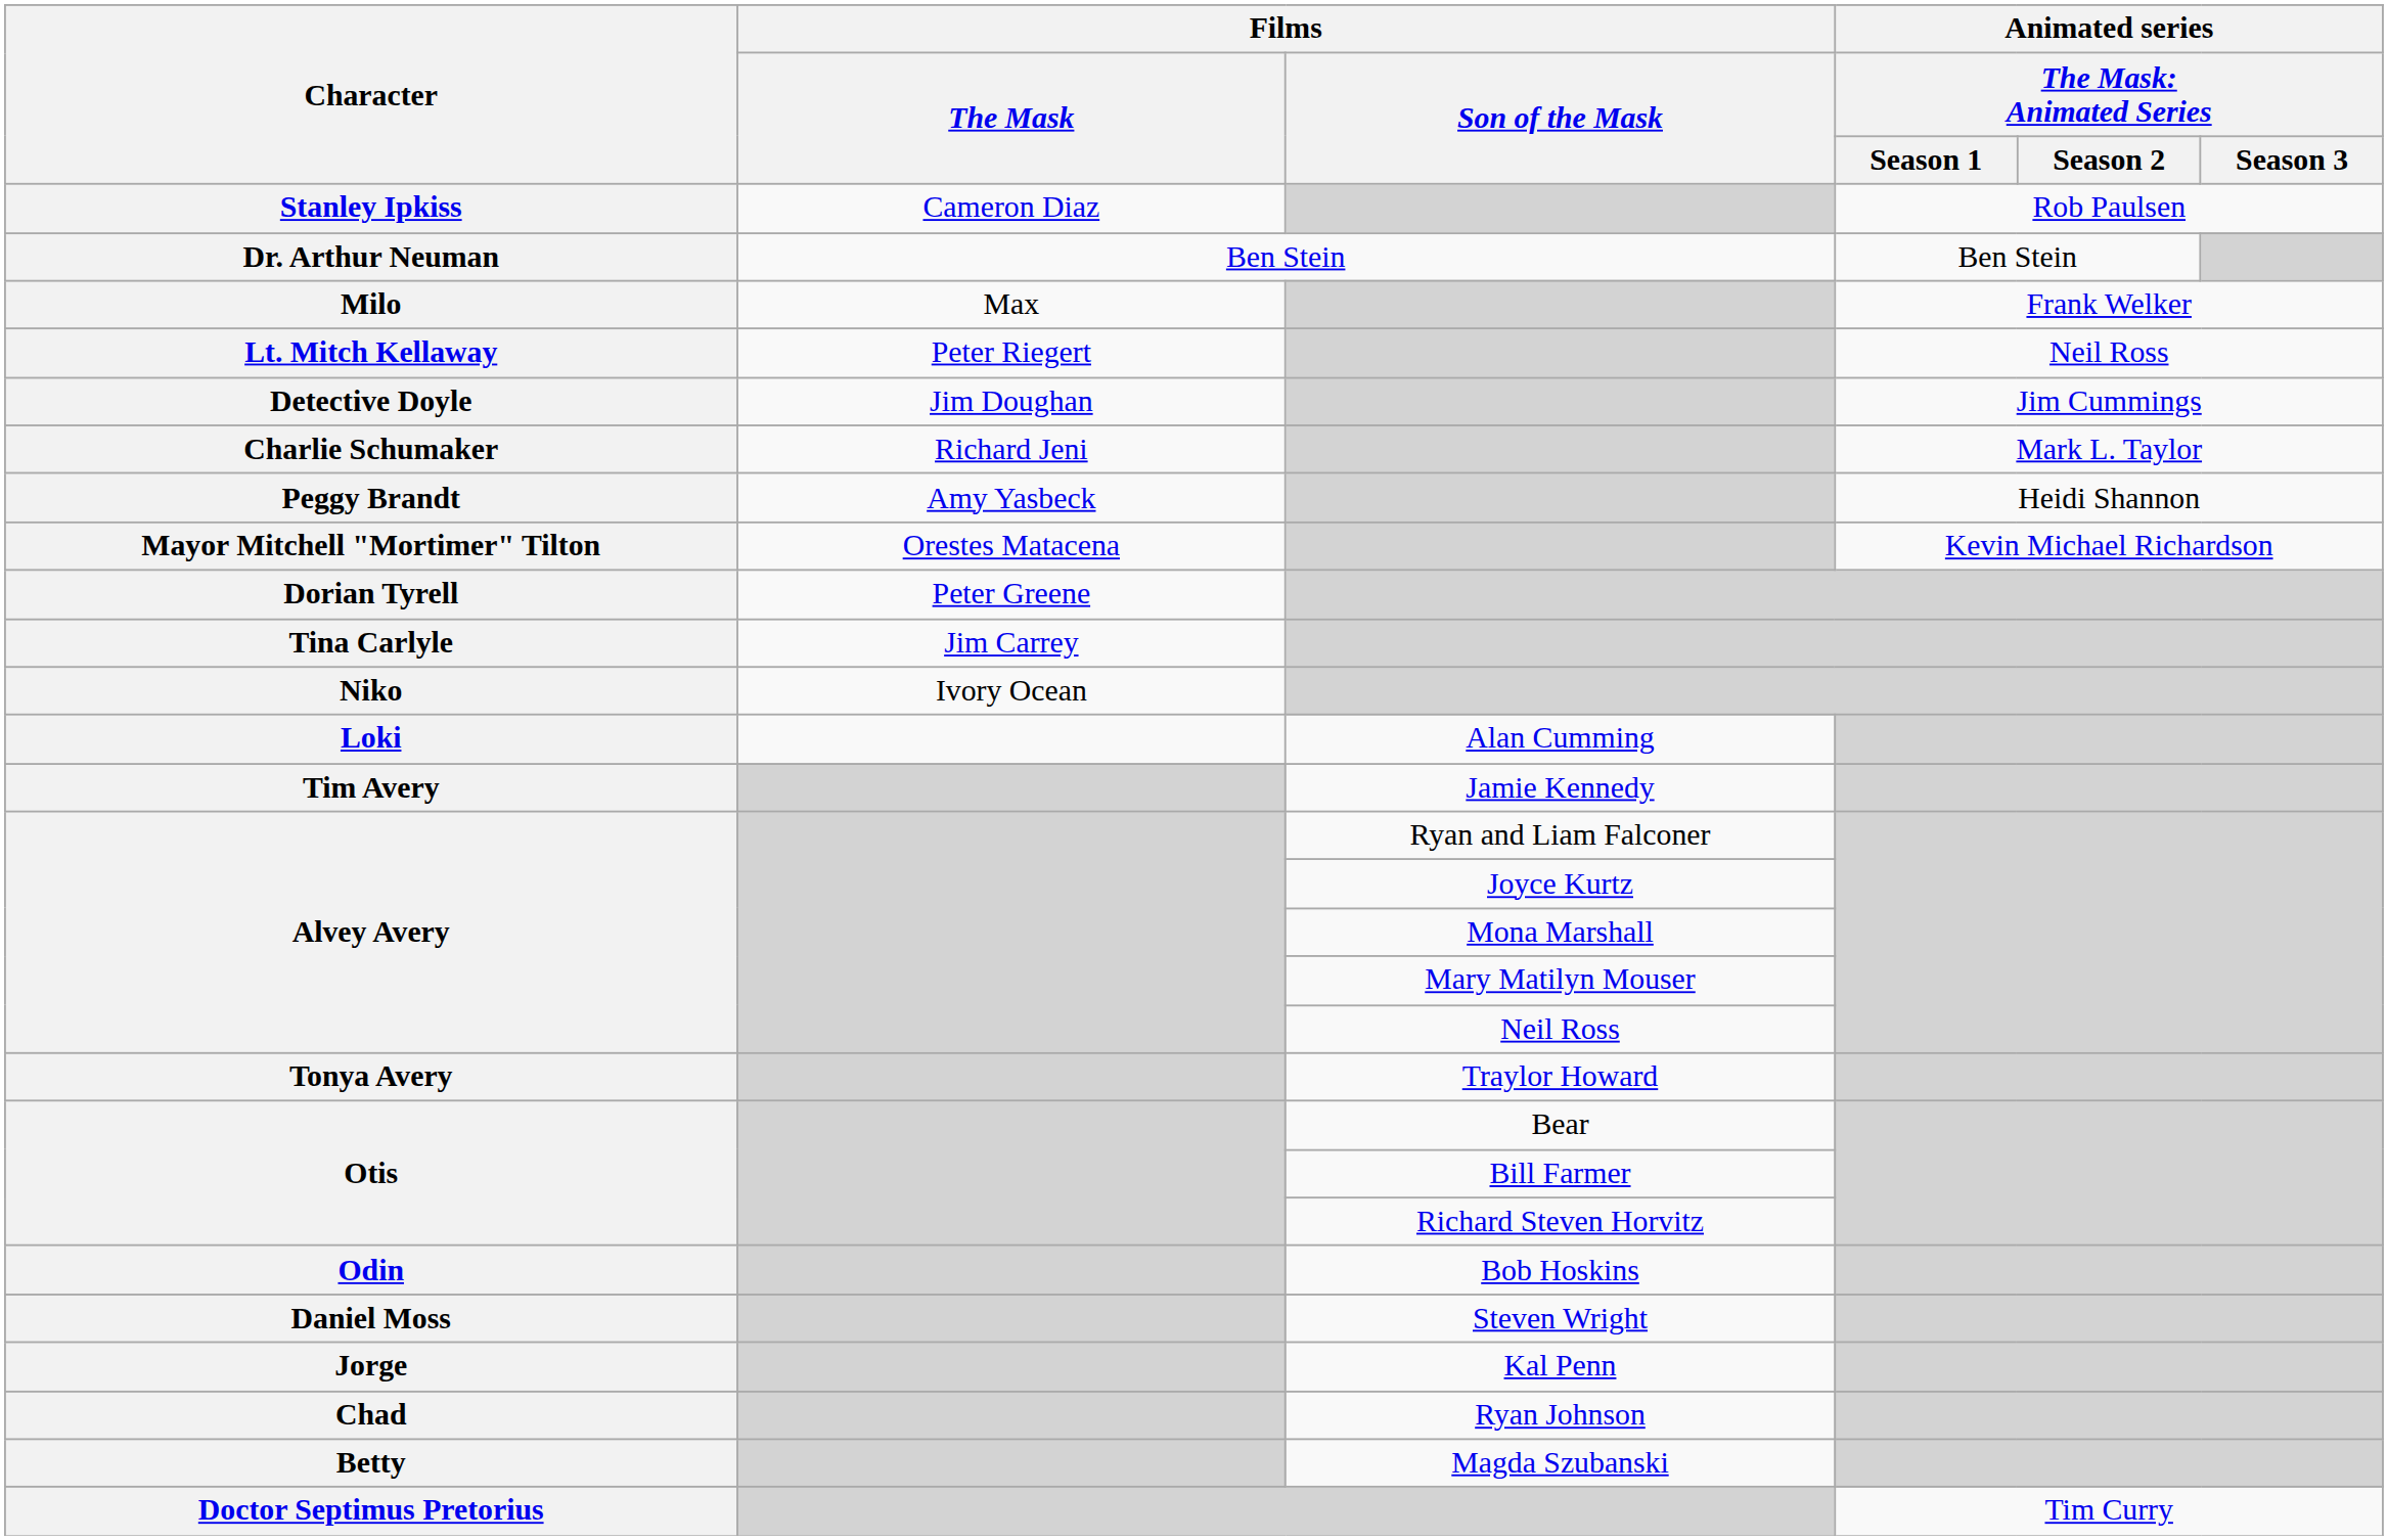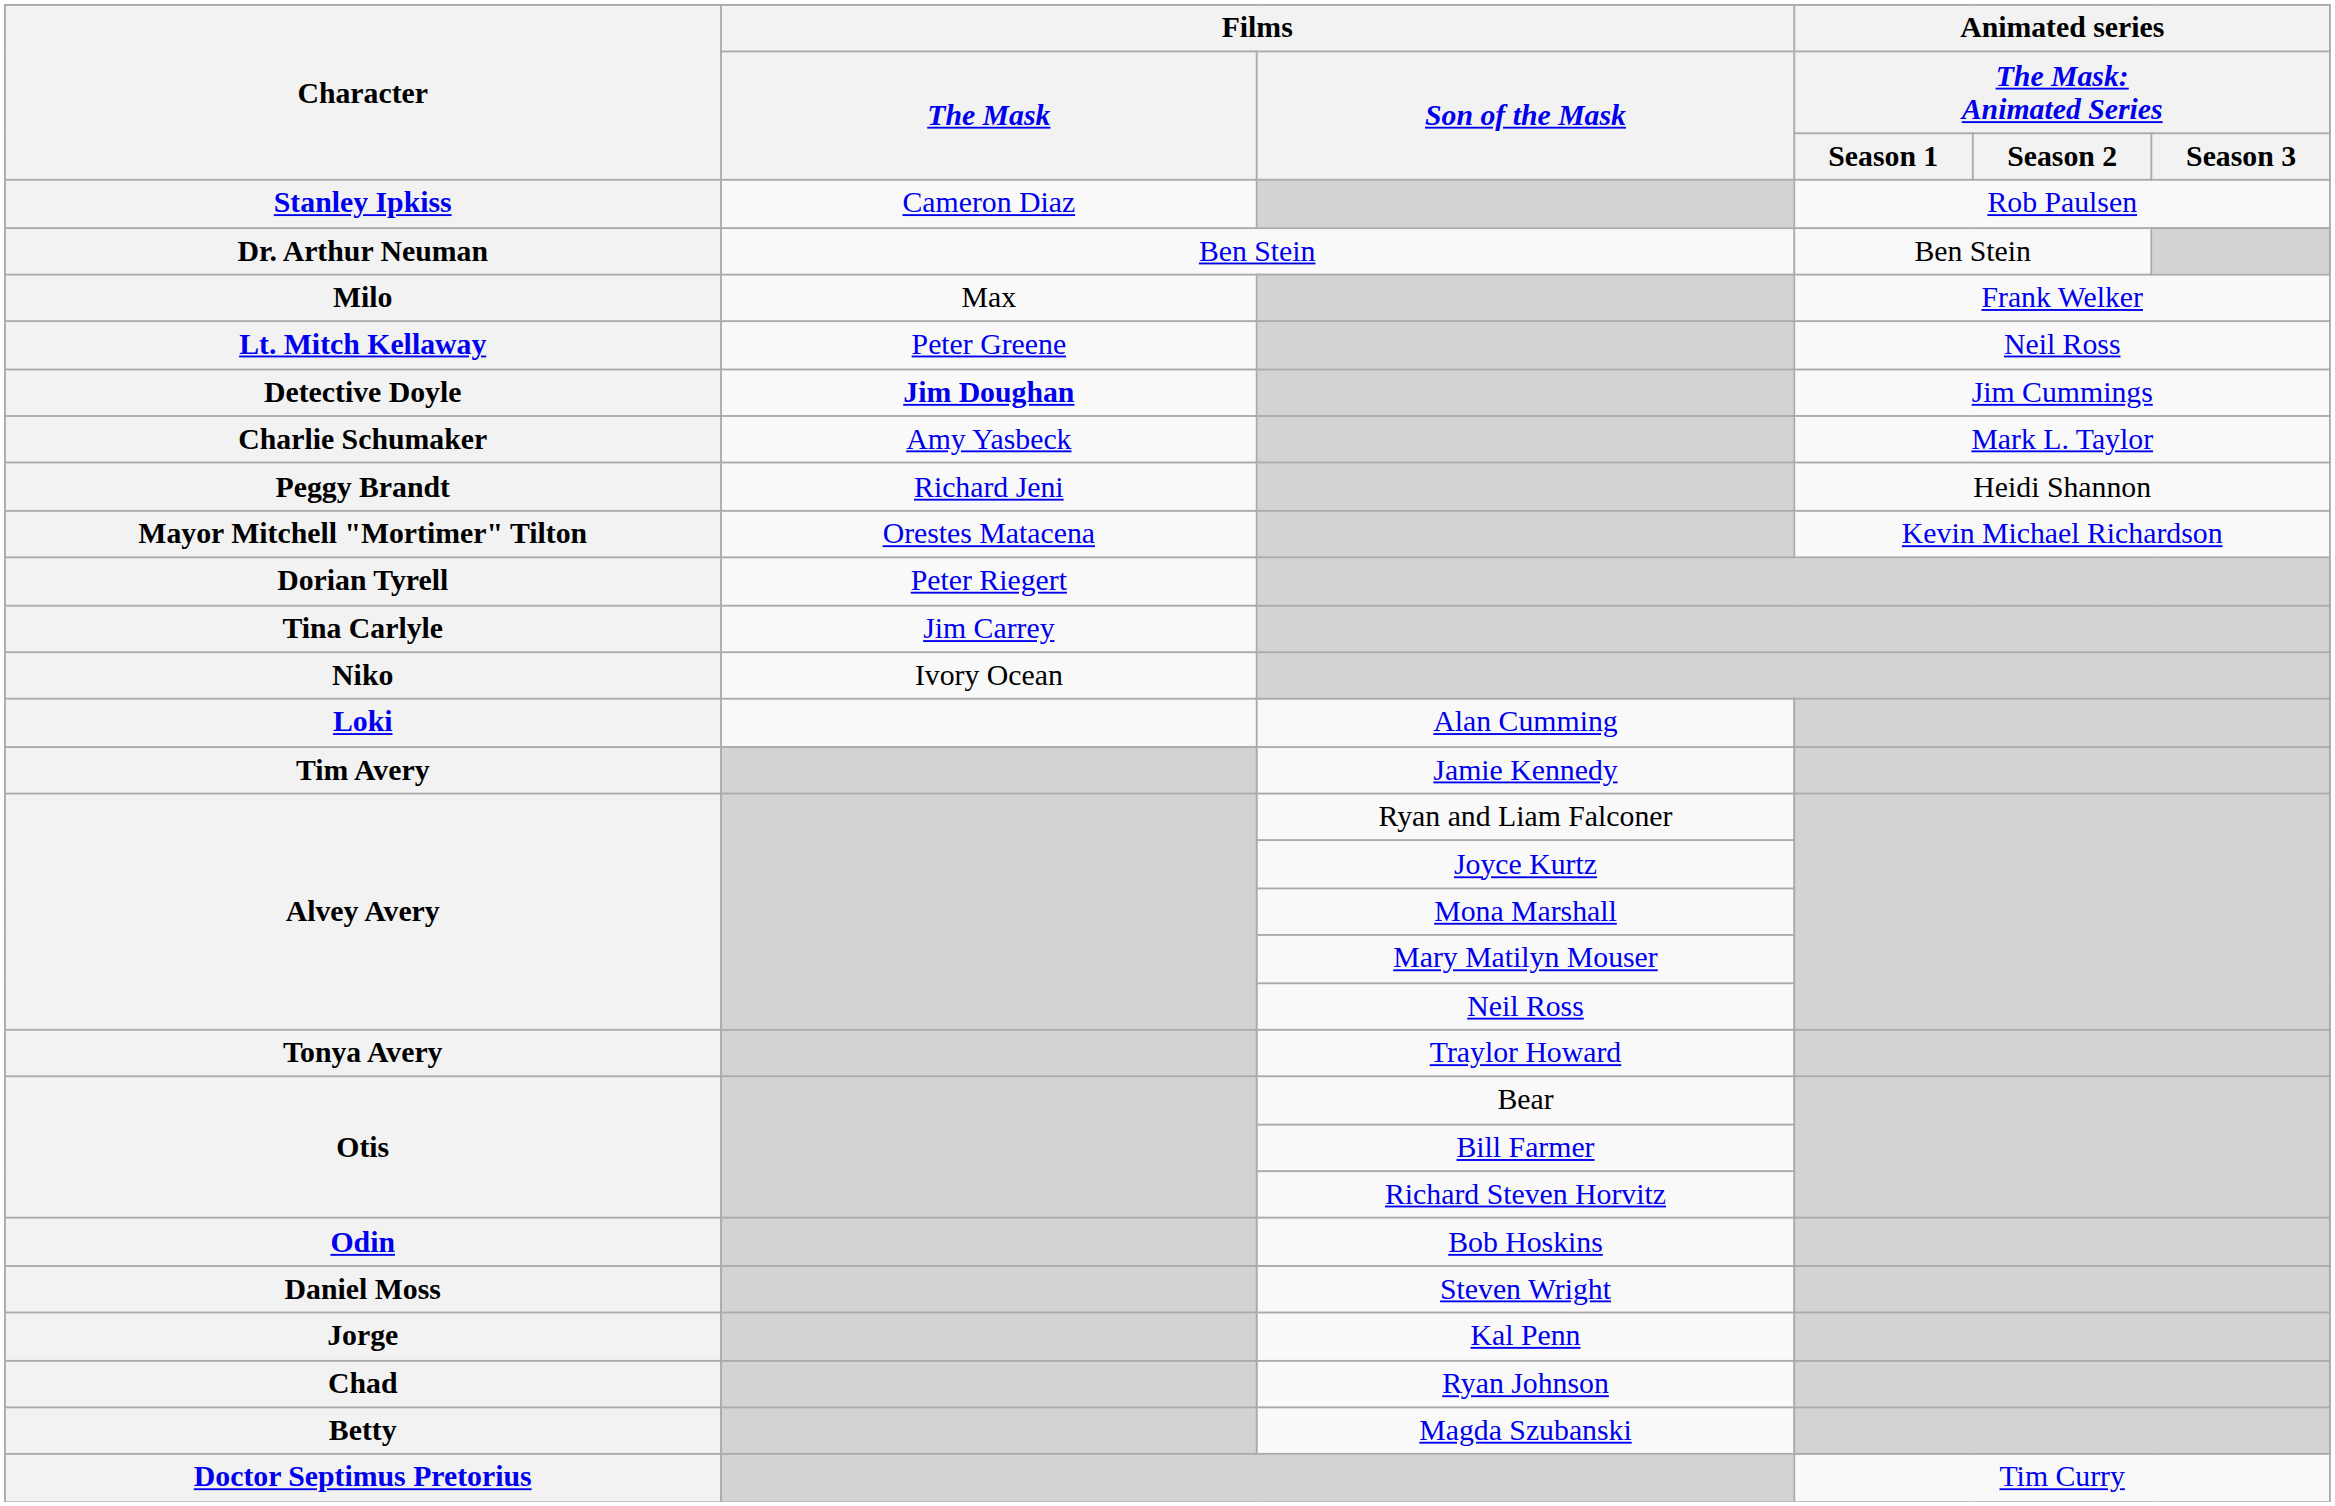 <table class="wikitable" style="text-align:center; width:99%;">
 <tr>
 <th rowspan="3" style="width:20%;">Character</th>
 <th colspan="2" style="text-align:center;">Films</th>
 <th colspan="3" style="text-align:center;">Animated series</th>
 </tr>
 <tr>
 <th rowspan="2" style="text-align:center; width:15%;"><em><a href='#'>The Mask</a></em></th>
 <th rowspan="2" style="text-align:center; width:15%;"><em><a href='#'>Son of the Mask</a></em></th>
 <th colspan="3" style="text-align:center; width:15%;"><em><a href='#'>The Mask:<br> Animated Series</a></em></th>
 </tr>
 <tr>
 <th>Season 1</th>
 <th>Season 2</th>
 <th>Season 3</th>
 </tr>
 <tr>
 <th><a href='#'>Stanley Ipkiss<br></a></th>
 <td><a href='#'>Cameron Diaz</a></td>
 <td style="background:lightgrey;"></td>
 <td colspan="3"><a href='#'>Rob Paulsen</a></td>
 </tr>
 <tr>
 <th>Dr. Arthur Neuman</th>
 <td colspan="2"><a href='#'>Ben Stein</a></td>
 <td colspan="2">Ben Stein</td>
 <td style="background:#d3d3d3;"></td>
 </tr>
 <tr>
 <th>Milo</th>
 <td>Max</td>
 <td style="background:lightgrey;"></td>
 <td colspan="3"><a href='#'>Frank Welker</a></td>
 </tr>
 <tr>
 <th><a href='#'>Lt. Mitch Kellaway</a></th>
-<td><a href='#'>Peter Riegert</a></td>
+<td><a href='#'>Peter Greene</a></td>
 <td style="background:lightgrey;"></td>
 <td colspan="3"><a href='#'>Neil Ross</a></td>
 </tr>
 <tr>
 <th>Detective Doyle</th>
-<td><a href='#'>Jim Doughan</a></td>
+<td><strong><a href='#'>Jim Doughan</a></strong></td>
 <td style="background:lightgrey;"></td>
 <td colspan="3"><a href='#'>Jim Cummings</a></td>
 </tr>
 <tr>
 <th>Charlie Schumaker</th>
-<td><a href='#'>Richard Jeni</a></td>
+<td><a href='#'>Amy Yasbeck</a></td>
 <td style="background:lightgrey;"></td>
 <td colspan="3"><a href='#'>Mark L. Taylor</a></td>
 </tr>
 <tr>
 <th>Peggy Brandt</th>
-<td><a href='#'>Amy Yasbeck</a></td>
+<td><a href='#'>Richard Jeni</a></td>
 <td style="background:lightgrey;"></td>
 <td colspan="3">Heidi Shannon</td>
 </tr>
 <tr>
 <th>Mayor Mitchell "Mortimer" Tilton</th>
 <td><a href='#'>Orestes Matacena</a></td>
 <td style="background:lightgrey;"></td>
 <td colspan="3"><a href='#'>Kevin Michael Richardson</a></td>
 </tr>
 <tr>
 <th>Dorian Tyrell<br></th>
-<td><a href='#'>Peter Greene</a></td>
+<td><a href='#'>Peter Riegert</a></td>
 <td colspan="6" style="background:lightgrey;"></td>
 </tr>
 <tr>
 <th>Tina Carlyle</th>
 <td><a href='#'>Jim Carrey</a></td>
 <td colspan="6" style="background:lightgrey;"></td>
 </tr>
 <tr>
 <th>Niko</th>
 <td>Ivory Ocean</td>
 <td colspan="6" style="background:lightgrey;"></td>
 </tr>
 <tr>
 <th><a href='#'>Loki<br></a></th>
 <td></td>
 <td><a href='#'>Alan Cumming</a></td>
 <td colspan="3" style="background:lightgrey;"></td>
 </tr>
 <tr>
 <th>Tim Avery<br></th>
 <td style="background:lightgrey;"></td>
 <td><a href='#'>Jamie Kennedy</a></td>
 <td colspan="3" style="background:lightgrey;"></td>
 </tr>
 <tr>
 <th rowspan="5">Alvey Avery<br></th>
 <td rowspan="5" style="background:lightgrey;"></td>
 <td>Ryan and Liam Falconer</td>
 <td rowspan="5" colspan="3" style="background:lightgrey;"></td>
 </tr>
 <tr>
 <td><a href='#'>Joyce Kurtz</a></td>
 </tr>
 <tr>
 <td><a href='#'>Mona Marshall</a></td>
 </tr>
 <tr>
 <td><a href='#'>Mary Matilyn Mouser</a></td>
 </tr>
 <tr>
 <td><a href='#'>Neil Ross</a></td>
 </tr>
 <tr>
 <th>Tonya Avery</th>
 <td style="background:lightgrey;"></td>
 <td><a href='#'>Traylor Howard</a></td>
 <td colspan="3" style="background:lightgrey;"></td>
 </tr>
 <tr>
 <th rowspan="3">Otis</th>
 <td rowspan="3" style="background:lightgrey;"></td>
 <td>Bear</td>
 <td rowspan="3" colspan="3" style="background:lightgrey;"></td>
 </tr>
 <tr>
 <td><a href='#'>Bill Farmer</a></td>
 </tr>
 <tr>
 <td><a href='#'>Richard Steven Horvitz</a></td>
 </tr>
 <tr>
 <th><a href='#'>Odin</a></th>
 <td style="background:lightgrey;"></td>
 <td><a href='#'>Bob Hoskins</a></td>
 <td colspan="3" style="background:lightgrey;"></td>
 </tr>
 <tr>
 <th>Daniel Moss</th>
 <td style="background:lightgrey;"></td>
 <td><a href='#'>Steven Wright</a></td>
 <td colspan="3" style="background:lightgrey;"></td>
 </tr>
 <tr>
 <th>Jorge</th>
 <td style="background:lightgrey;"></td>
 <td><a href='#'>Kal Penn</a></td>
 <td colspan="3" style="background:lightgrey;"></td>
 </tr>
 <tr>
 <th>Chad</th>
 <td style="background:lightgrey;"></td>
 <td><a href='#'>Ryan Johnson</a></td>
 <td colspan="3" style="background:lightgrey;"></td>
 </tr>
 <tr>
 <th>Betty</th>
 <td style="background:lightgrey;"></td>
 <td><a href='#'>Magda Szubanski</a></td>
 <td colspan="3" style="background:lightgrey;"></td>
 </tr>
 <tr>
 <th><a href='#'>Doctor Septimus Pretorius</a></th>
 <td colspan="2" style="background:lightgrey;"></td>
 <td colspan="3"><a href='#'>Tim Curry</a></td>
 </tr>
 </table>
